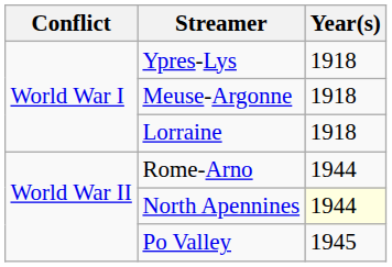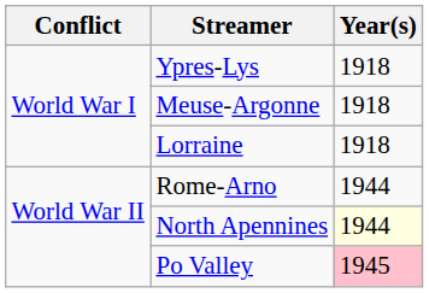 <table class=wikitable>
 <tr>
 <th>Conflict</th>
 <th>Streamer</th>
 <th>Year(s)</th>
 </tr>
 <tr>
 <td rowspan="3"><a href='#'>World War I</a> <br> </td>
 <td><a href='#'>Ypres</a>-<a href='#'>Lys</a></td>
 <td>1918</td>
 </tr>
 <tr>
 <td><a href='#'>Meuse</a>-<a href='#'>Argonne</a></td>
 <td>1918</td>
 </tr>
 <tr>
 <td><a href='#'>Lorraine</a></td>
 <td>1918</td>
 </tr>
 <tr>
 <td rowspan="3"><a href='#'>World War II</a> <br> <br> </td>
 <td>Rome-<a href='#'>Arno</a></td>
 <td>1944</td>
 </tr>
 <tr>
 <td><a href='#'>North Apennines</a></td>
 <td style="background: lightyellow;">1944</td>
 </tr>
 <tr>
 <td><a href='#'>Po Valley</a></td>
-<td>1945</td>
+<td style="background: pink;">1945</td>
 </tr>
 </table>
